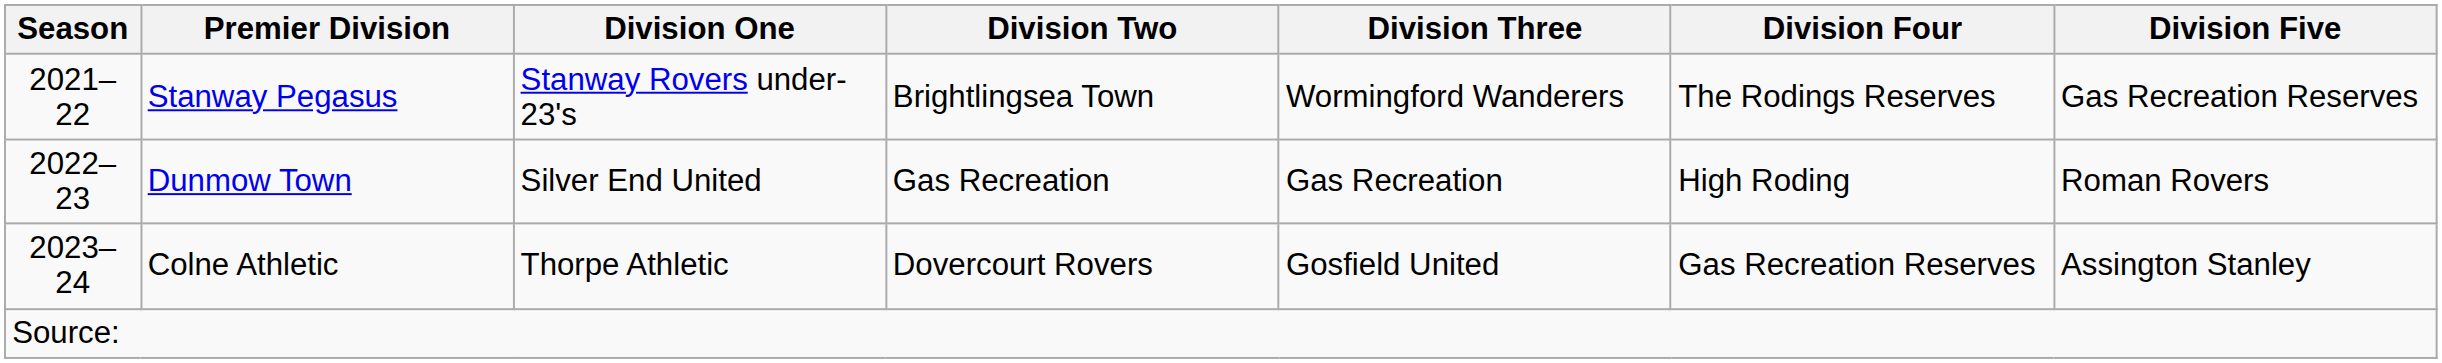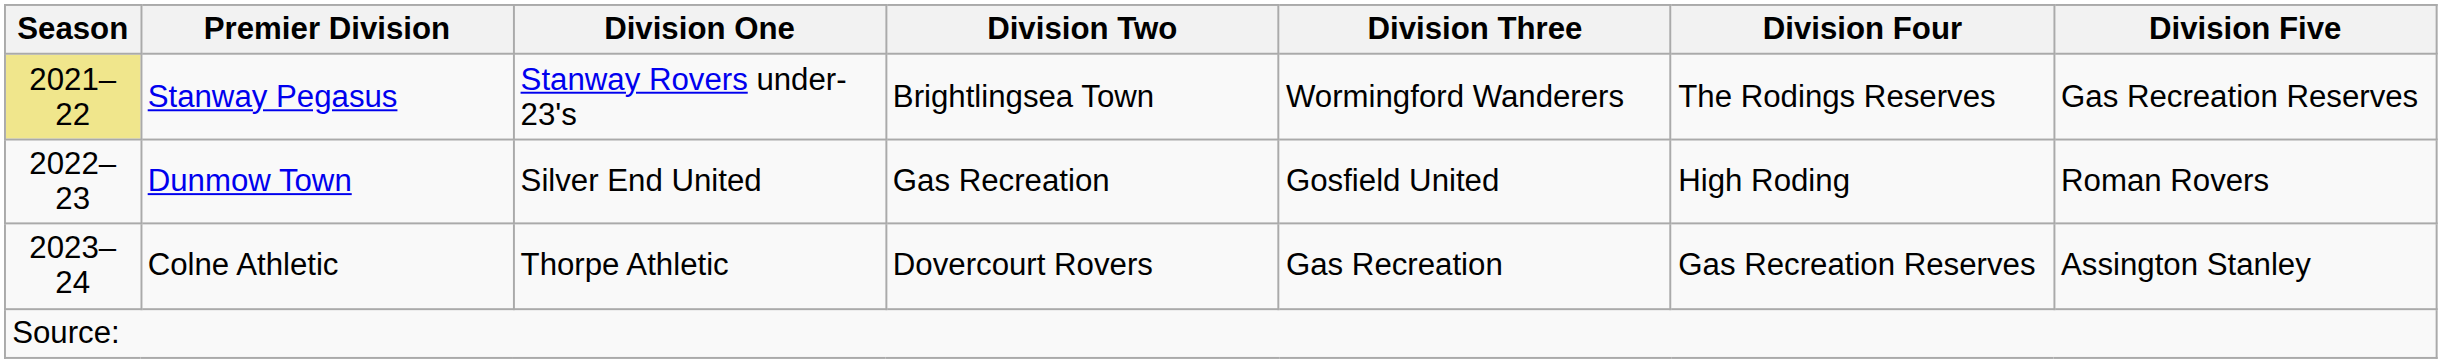 <table class=wikitable style="border:0px; margin-top:-1px; margin-bottom:0;">
 <tr>
 <th width=65px>Season</th>
 <th width=250px>Premier Division</th>
 <th width=250px>Division One</th>
 <th width=250px>Division Two</th>
 <th width=250px>Division Three</th>
 <th width=250px>Division Four</th>
 <th width=250px>Division Five</th>
 </tr>
 <tr>
-<td align=center>2021–22</td>
+<td align=center style="background: khaki;">2021–22</td>
 <td><a href='#'>Stanway Pegasus</a></td>
 <td><a href='#'>Stanway Rovers</a> under-23's</td>
 <td>Brightlingsea Town</td>
 <td>Wormingford Wanderers</td>
 <td>The Rodings Reserves</td>
 <td>Gas Recreation Reserves</td>
 </tr>
 <tr>
 <td align=center>2022–23</td>
 <td><a href='#'>Dunmow Town</a></td>
 <td>Silver End United</td>
 <td>Gas Recreation</td>
-<td>Gas Recreation</td>
+<td>Gosfield United</td>
 <td>High Roding</td>
 <td>Roman Rovers</td>
 </tr>
 <tr>
 <td align=center>2023–24</td>
 <td>Colne Athletic</td>
 <td>Thorpe Athletic</td>
 <td>Dovercourt Rovers</td>
-<td>Gosfield United</td>
+<td>Gas Recreation</td>
 <td>Gas Recreation Reserves</td>
 <td>Assington Stanley</td>
 </tr>
 <tr>
 <td colspan=7>Source: </td>
 </tr>
 </table>
